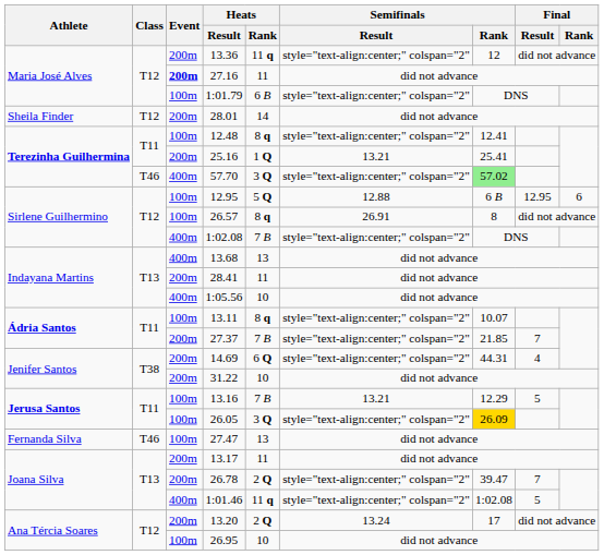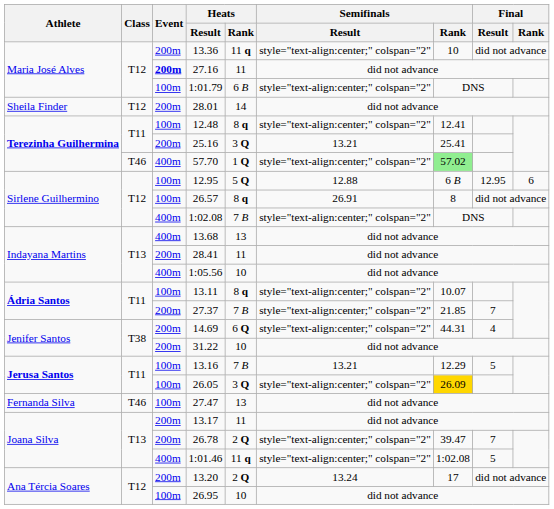 <table class=wikitable style="font-size:90%">
 <tr>
 <th rowspan="2">Athlete</th>
 <th rowspan="2">Class</th>
 <th rowspan="2">Event</th>
 <th colspan="2">Heats</th>
 <th colspan="2">Semifinals</th>
 <th colspan="2">Final</th>
 </tr>
 <tr>
 <th>Result</th>
 <th>Rank</th>
 <th>Result</th>
 <th>Rank</th>
 <th>Result</th>
 <th>Rank</th>
 </tr>
 <tr>
 <td rowspan="3"><a href='#'>Maria José Alves</a></td>
 <td rowspan="3" style="text-align:center;">T12</td>
 <td><a href='#'>200m</a></td>
 <td style="text-align:center;">13.36</td>
 <td style="text-align:center;">11 <strong>q</strong></td>
 <td>style="text-align:center;" colspan="2" </td>
-<td style="text-align:center;">12</td>
+<td style="text-align:center;">10</td>
 <td style="text-align:center;" colspan="2">did not advance</td>
 </tr>
 <tr>
 <td><strong><a href='#'>200m</a></strong></td>
 <td style="text-align:center;">27.16</td>
 <td style="text-align:center;">11</td>
 <td style="text-align:center;" colspan="4">did not advance</td>
 </tr>
 <tr>
 <td><a href='#'>100m</a></td>
 <td style="text-align:center;">1:01.79</td>
 <td style="text-align:center;">6 <em>B</em></td>
 <td>style="text-align:center;" colspan="2" </td>
 <td style="text-align:center;" colspan="2">DNS</td>
 </tr>
 <tr>
 <td><a href='#'>Sheila Finder</a></td>
 <td style="text-align:center;">T12</td>
 <td><a href='#'>200m</a></td>
 <td style="text-align:center;">28.01</td>
 <td style="text-align:center;">14</td>
 <td style="text-align:center;" colspan="4">did not advance</td>
 </tr>
 <tr>
 <td rowspan="3"><strong><a href='#'>Terezinha Guilhermina</a></strong></td>
 <td rowspan="2" style="text-align:center;">T11</td>
 <td><a href='#'>100m</a></td>
 <td style="text-align:center;">12.48</td>
 <td style="text-align:center;">8 <strong>q</strong></td>
 <td>style="text-align:center;" colspan="2" </td>
 <td style="text-align:center;">12.41</td>
 <td style="text-align:center;"></td>
 </tr>
 <tr>
 <td><a href='#'>200m</a></td>
 <td style="text-align:center;">25.16</td>
-<td style="text-align:center;">1 <strong>Q</strong></td>
+<td style="text-align:center;">3 <strong>Q</strong></td>
 <td style="text-align:center;">13.21</td>
 <td style="text-align:center;">25.41</td>
 <td style="text-align:center;"></td>
 </tr>
 <tr>
 <td style="text-align:center;">T46</td>
 <td><a href='#'>400m</a></td>
 <td style="text-align:center;">57.70</td>
-<td style="text-align:center;">3 <strong>Q</strong></td>
+<td style="text-align:center;">1 <strong>Q</strong></td>
 <td>style="text-align:center;" colspan="2" </td>
 <td style="background: lightgreen; text-align:center;">57.02</td>
 <td style="text-align:center;"></td>
 </tr>
 <tr>
 <td rowspan="3"><a href='#'>Sirlene Guilhermino</a></td>
 <td rowspan="3" style="text-align:center;">T12</td>
 <td><a href='#'>100m</a></td>
 <td style="text-align:center;">12.95</td>
 <td style="text-align:center;">5 <strong>Q</strong></td>
 <td style="text-align:center;">12.88</td>
 <td style="text-align:center;">6 <em>B</em></td>
 <td style="text-align:center;">12.95</td>
 <td style="text-align:center;">6</td>
 </tr>
 <tr>
 <td><a href='#'>100m</a></td>
 <td style="text-align:center;">26.57</td>
 <td style="text-align:center;">8 <strong>q</strong></td>
 <td style="text-align:center;">26.91</td>
 <td style="text-align:center;">8</td>
 <td style="text-align:center;" colspan="2">did not advance</td>
 </tr>
 <tr>
 <td><a href='#'>400m</a></td>
 <td style="text-align:center;">1:02.08</td>
 <td style="text-align:center;">7 <em>B</em></td>
 <td>style="text-align:center;" colspan="2" </td>
 <td style="text-align:center;" colspan="2">DNS</td>
 </tr>
 <tr>
 <td rowspan="3"><a href='#'>Indayana Martins</a></td>
 <td rowspan="3" style="text-align:center;">T13</td>
 <td><a href='#'>400m</a></td>
 <td style="text-align:center;">13.68</td>
 <td style="text-align:center;">13</td>
 <td style="text-align:center;" colspan="4">did not advance</td>
 </tr>
 <tr>
 <td><a href='#'>200m</a></td>
 <td style="text-align:center;">28.41</td>
 <td style="text-align:center;">11</td>
 <td style="text-align:center;" colspan="4">did not advance</td>
 </tr>
 <tr>
 <td><a href='#'>400m</a></td>
 <td style="text-align:center;">1:05.56</td>
 <td style="text-align:center;">10</td>
 <td style="text-align:center;" colspan="4">did not advance</td>
 </tr>
 <tr>
 <td rowspan="2"><strong><a href='#'>Ádria Santos</a></strong></td>
 <td rowspan="2" style="text-align:center;">T11</td>
 <td><a href='#'>100m</a></td>
 <td style="text-align:center;">13.11</td>
 <td style="text-align:center;">8 <strong>q</strong></td>
 <td>style="text-align:center;" colspan="2" </td>
 <td style="text-align:center;">10.07</td>
 <td style="text-align:center;"></td>
 </tr>
 <tr>
 <td><a href='#'>200m</a></td>
 <td style="text-align:center;">27.37</td>
 <td style="text-align:center;">7 <em>B</em></td>
 <td>style="text-align:center;" colspan="2" </td>
 <td style="text-align:center;">21.85</td>
 <td style="text-align:center;">7</td>
 </tr>
 <tr>
 <td rowspan="2"><a href='#'>Jenifer Santos</a></td>
 <td rowspan="2" style="text-align:center;">T38</td>
 <td><a href='#'>200m</a></td>
 <td style="text-align:center;">14.69</td>
 <td style="text-align:center;">6 <strong>Q</strong></td>
 <td>style="text-align:center;" colspan="2" </td>
 <td style="text-align:center;">44.31</td>
 <td style="text-align:center;">4</td>
 </tr>
 <tr>
 <td><a href='#'>200m</a></td>
 <td style="text-align:center;">31.22</td>
 <td style="text-align:center;">10</td>
 <td style="text-align:center;" colspan="4">did not advance</td>
 </tr>
 <tr>
 <td rowspan="2"><strong><a href='#'>Jerusa Santos</a></strong></td>
 <td rowspan="2" style="text-align:center;">T11</td>
 <td><a href='#'>100m</a></td>
 <td style="text-align:center;">13.16</td>
 <td style="text-align:center;">7 <em>B</em></td>
 <td style="text-align:center;">13.21</td>
 <td style="text-align:center;">12.29</td>
 <td style="text-align:center;">5</td>
 </tr>
 <tr>
 <td><a href='#'>100m</a></td>
 <td style="text-align:center;">26.05</td>
 <td style="text-align:center;">3 <strong>Q</strong></td>
 <td>style="text-align:center;" colspan="2" </td>
 <td style="background: gold; text-align:center;">26.09</td>
 <td style="text-align:center;"></td>
 </tr>
 <tr>
 <td><a href='#'>Fernanda Silva</a></td>
 <td style="text-align:center;">T46</td>
 <td><a href='#'>100m</a></td>
 <td style="text-align:center;">27.47</td>
 <td style="text-align:center;">13</td>
 <td style="text-align:center;" colspan="4">did not advance</td>
 </tr>
 <tr>
 <td rowspan="3"><a href='#'>Joana Silva</a></td>
 <td rowspan="3" style="text-align:center;">T13</td>
 <td><a href='#'>200m</a></td>
 <td style="text-align:center;">13.17</td>
 <td style="text-align:center;">11</td>
 <td style="text-align:center;" colspan="4">did not advance</td>
 </tr>
 <tr>
 <td><a href='#'>200m</a></td>
 <td style="text-align:center;">26.78</td>
 <td style="text-align:center;">2 <strong>Q</strong></td>
 <td>style="text-align:center;" colspan="2" </td>
 <td style="text-align:center;">39.47</td>
 <td style="text-align:center;">7</td>
 </tr>
 <tr>
 <td><a href='#'>400m</a></td>
 <td style="text-align:center;">1:01.46</td>
 <td style="text-align:center;">11 <strong>q</strong></td>
 <td>style="text-align:center;" colspan="2" </td>
 <td style="text-align:center;">1:02.08</td>
 <td style="text-align:center;">5</td>
 </tr>
 <tr>
 <td rowspan="2"><a href='#'>Ana Tércia Soares</a></td>
 <td rowspan="2" style="text-align:center;">T12</td>
 <td><a href='#'>200m</a></td>
 <td style="text-align:center;">13.20</td>
 <td style="text-align:center;">2 <strong>Q</strong></td>
 <td style="text-align:center;">13.24</td>
 <td style="text-align:center;">17</td>
 <td style="text-align:center;" colspan="2">did not advance</td>
 </tr>
 <tr>
 <td><a href='#'>100m</a></td>
 <td style="text-align:center;">26.95</td>
 <td style="text-align:center;">10</td>
 <td style="text-align:center;" colspan="4">did not advance</td>
 </tr>
 </table>
